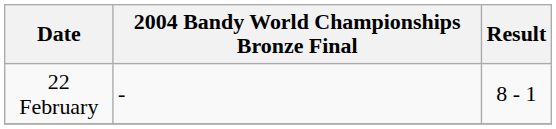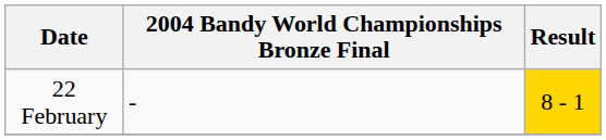 <table class="wikitable" style="text-align:center;" width="400px">
 <tr>
 <th>Date</th>
 <th>2004 Bandy World Championships Bronze Final</th>
 <th>Result</th>
 </tr>
 <tr>
 <td>22 February</td>
 <td align="left"><strong></strong> - </td>
-<td>8 - 1</td>
+<td style="background: gold;">8 - 1</td>
 </tr>
 <tr>
 </tr>
 </table>
